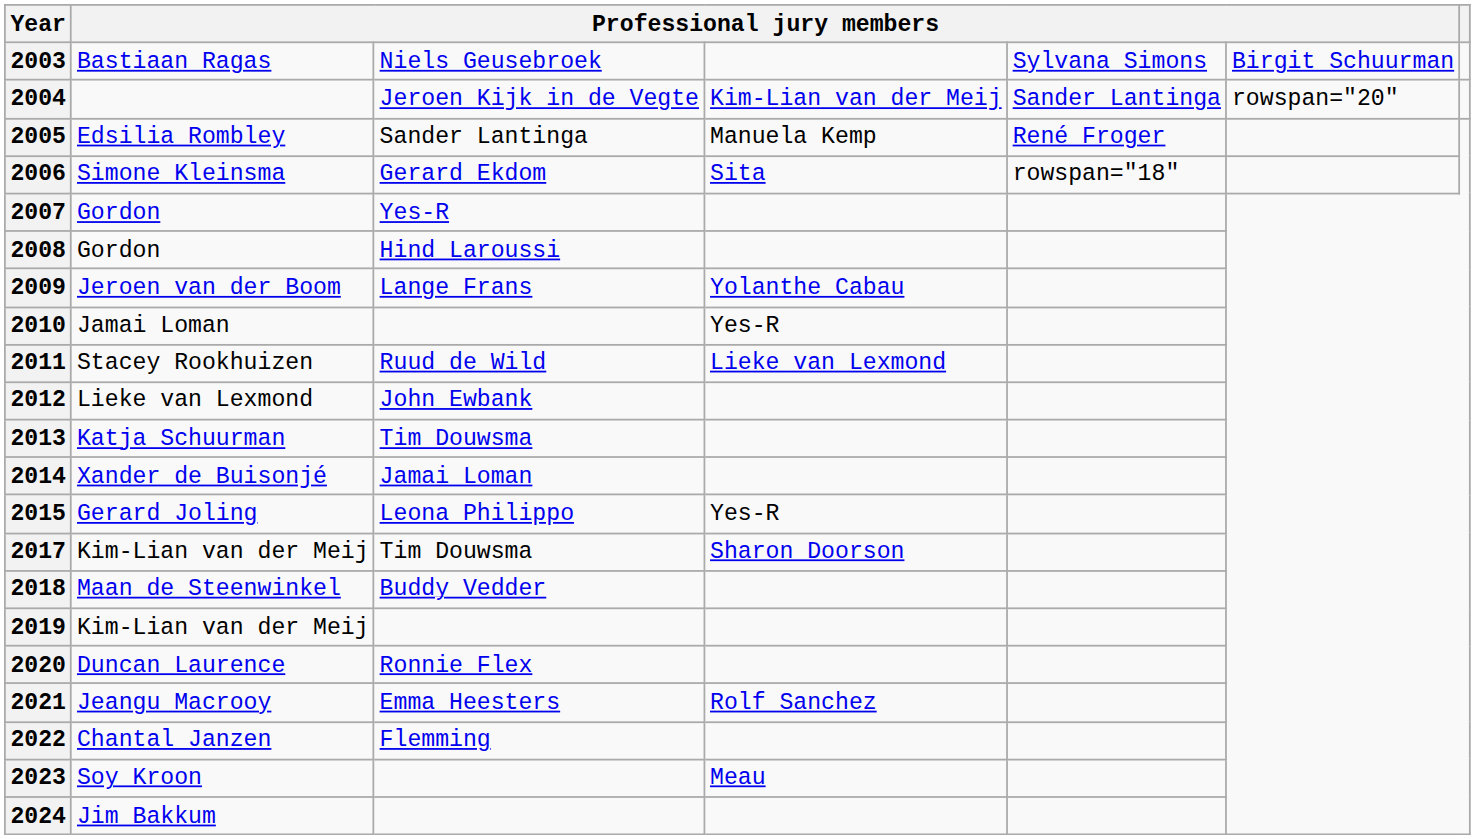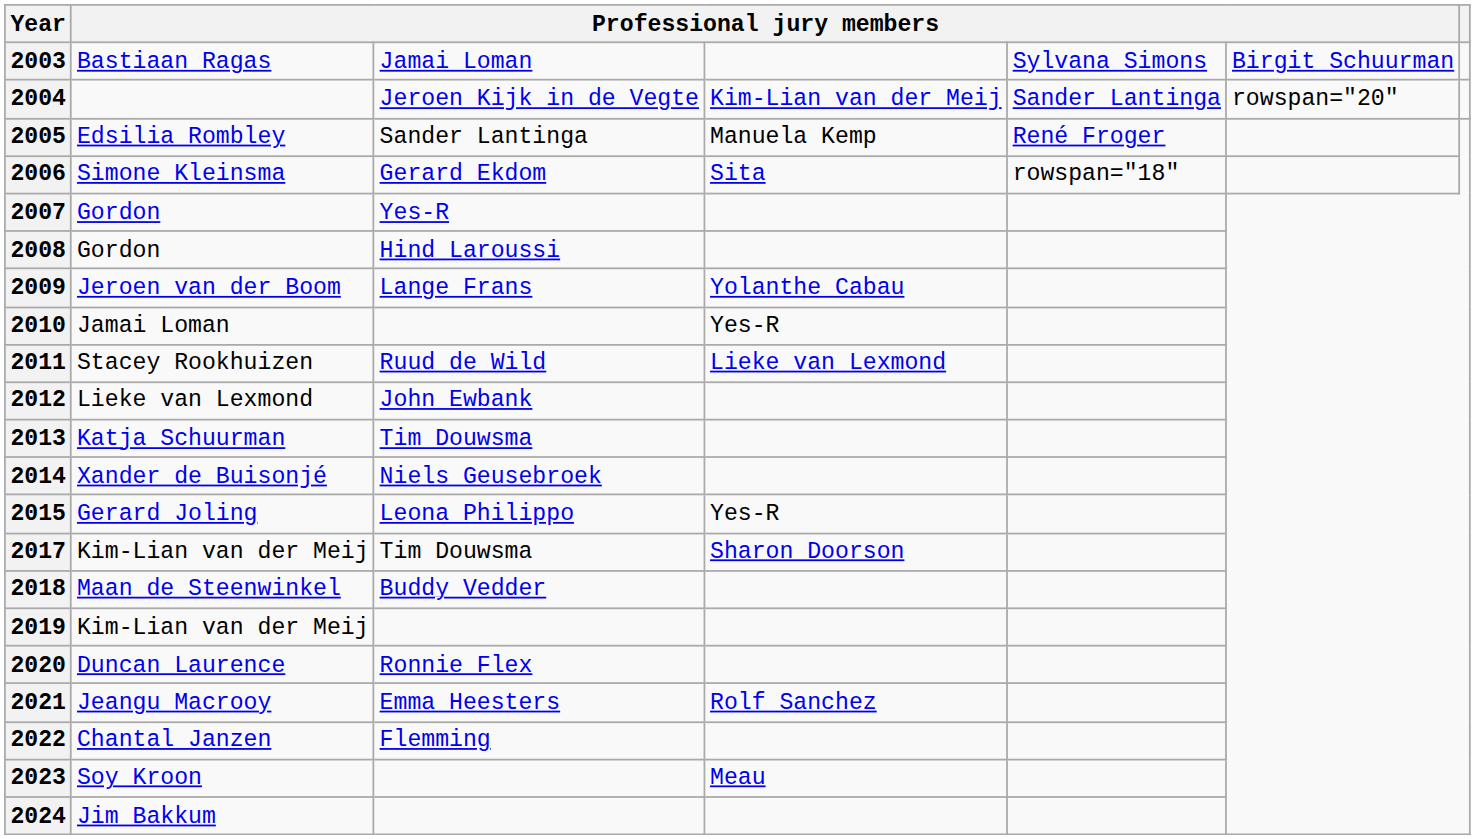 <table class="wikitable plainrowheaders">
 <tr>
 <th scope="col">Year</th>
 <th scope="col" colspan="5">Professional jury members</th>
 <th scope="col"></th>
 </tr>
 <tr>
 <th scope="row" style="text-align:center;">2003</th>
 <td><a href='#'>Bastiaan Ragas</a></td>
-<td><a href='#'>Niels Geusebroek</a></td>
+<td><a href='#'>Jamai Loman</a></td>
 <td></td>
 <td><a href='#'>Sylvana Simons</a></td>
 <td><a href='#'>Birgit Schuurman</a></td>
 <td style="text-align:center;"></td>
 </tr>
 <tr>
 <th scope="row" style="text-align:center;">2004</th>
 <td></td>
 <td><a href='#'>Jeroen Kijk in de Vegte</a></td>
 <td><a href='#'>Kim-Lian van der Meij</a></td>
 <td><a href='#'>Sander Lantinga</a></td>
 <td>rowspan="20" </td>
 <td style="text-align:center;"></td>
 </tr>
 <tr>
 <th scope="row" style="text-align:center;">2005</th>
 <td><a href='#'>Edsilia Rombley</a></td>
 <td>Sander Lantinga</td>
 <td>Manuela Kemp</td>
 <td><a href='#'>René Froger</a></td>
 <td style="text-align:center;"></td>
 </tr>
 <tr>
 <th scope="row" style="text-align:center;">2006</th>
 <td><a href='#'>Simone Kleinsma</a></td>
 <td><a href='#'>Gerard Ekdom</a></td>
 <td><a href='#'>Sita</a></td>
 <td>rowspan="18" </td>
 <td style="text-align:center;"></td>
 </tr>
 <tr>
 <th scope="row" style="text-align:center;">2007</th>
 <td><a href='#'>Gordon</a></td>
 <td><a href='#'>Yes-R</a></td>
 <td></td>
 <td style="text-align:center;"></td>
 </tr>
 <tr>
 <th scope="row" style="text-align:center;">2008</th>
 <td>Gordon</td>
 <td><a href='#'>Hind Laroussi</a></td>
 <td></td>
 <td style="text-align:center;"></td>
 </tr>
 <tr>
 <th scope="row" style="text-align:center;">2009</th>
 <td><a href='#'>Jeroen van der Boom</a></td>
 <td><a href='#'>Lange Frans</a></td>
 <td><a href='#'>Yolanthe Cabau</a></td>
 <td style="text-align:center;"></td>
 </tr>
 <tr>
 <th scope="row" style="text-align:center;">2010</th>
 <td>Jamai Loman</td>
 <td></td>
 <td>Yes-R</td>
 <td style="text-align:center;"></td>
 </tr>
 <tr>
 <th scope="row" style="text-align:center;">2011</th>
 <td>Stacey Rookhuizen</td>
 <td><a href='#'>Ruud de Wild</a></td>
 <td><a href='#'>Lieke van Lexmond</a></td>
 <td style="text-align:center;"></td>
 </tr>
 <tr>
 <th scope="row" style="text-align:center;">2012</th>
 <td>Lieke van Lexmond</td>
 <td><a href='#'>John Ewbank</a></td>
 <td></td>
 <td style="text-align:center;"></td>
 </tr>
 <tr>
 <th scope="row" style="text-align:center;">2013</th>
 <td><a href='#'>Katja Schuurman</a></td>
 <td><a href='#'>Tim Douwsma</a></td>
 <td></td>
 <td style="text-align:center;"></td>
 </tr>
 <tr>
 <th scope="row" style="text-align:center;">2014</th>
 <td><a href='#'>Xander de Buisonjé</a></td>
-<td><a href='#'>Jamai Loman</a></td>
+<td><a href='#'>Niels Geusebroek</a></td>
 <td></td>
 <td style="text-align:center;"></td>
 </tr>
 <tr>
 <th scope="row" style="text-align:center;">2015</th>
 <td><a href='#'>Gerard Joling</a></td>
 <td><a href='#'>Leona Philippo</a></td>
 <td>Yes-R</td>
 <td style="text-align:center;"></td>
 </tr>
 <tr>
 <th scope="row" style="text-align:center;">2017</th>
 <td>Kim-Lian van der Meij</td>
 <td>Tim Douwsma</td>
 <td><a href='#'>Sharon Doorson</a></td>
 <td style="text-align:center;"></td>
 </tr>
 <tr>
 <th scope="row" style="text-align:center;">2018</th>
 <td><a href='#'>Maan de Steenwinkel</a></td>
 <td><a href='#'>Buddy Vedder</a></td>
 <td></td>
 <td style="text-align:center;"></td>
 </tr>
 <tr>
 <th scope="row" style="text-align:center;">2019</th>
 <td>Kim-Lian van der Meij</td>
 <td></td>
 <td></td>
 <td style="text-align:center;"></td>
 </tr>
 <tr>
 <th scope="row" style="text-align:center;">2020</th>
 <td><a href='#'>Duncan Laurence</a></td>
 <td><a href='#'>Ronnie Flex</a></td>
 <td></td>
 <td style="text-align:center;"></td>
 </tr>
 <tr>
 <th scope="row" style="text-align:center;">2021</th>
 <td><a href='#'>Jeangu Macrooy</a></td>
 <td><a href='#'>Emma Heesters</a></td>
 <td><a href='#'>Rolf Sanchez</a></td>
 <td style="text-align:center;"></td>
 </tr>
 <tr>
 <th scope="row" style="text-align:center;">2022</th>
 <td><a href='#'>Chantal Janzen</a></td>
 <td><a href='#'>Flemming</a></td>
 <td></td>
 <td style="text-align:center;"></td>
 </tr>
 <tr>
 <th scope="row" style="text-align:center;">2023</th>
 <td><a href='#'>Soy Kroon</a></td>
 <td></td>
 <td><a href='#'>Meau</a></td>
 <td style="text-align:center;"></td>
 </tr>
 <tr>
 <th scope="row" style="text-align:center;">2024</th>
 <td><a href='#'>Jim Bakkum</a></td>
 <td></td>
 <td></td>
 <td style="text-align:center;"></td>
 </tr>
 </table>
